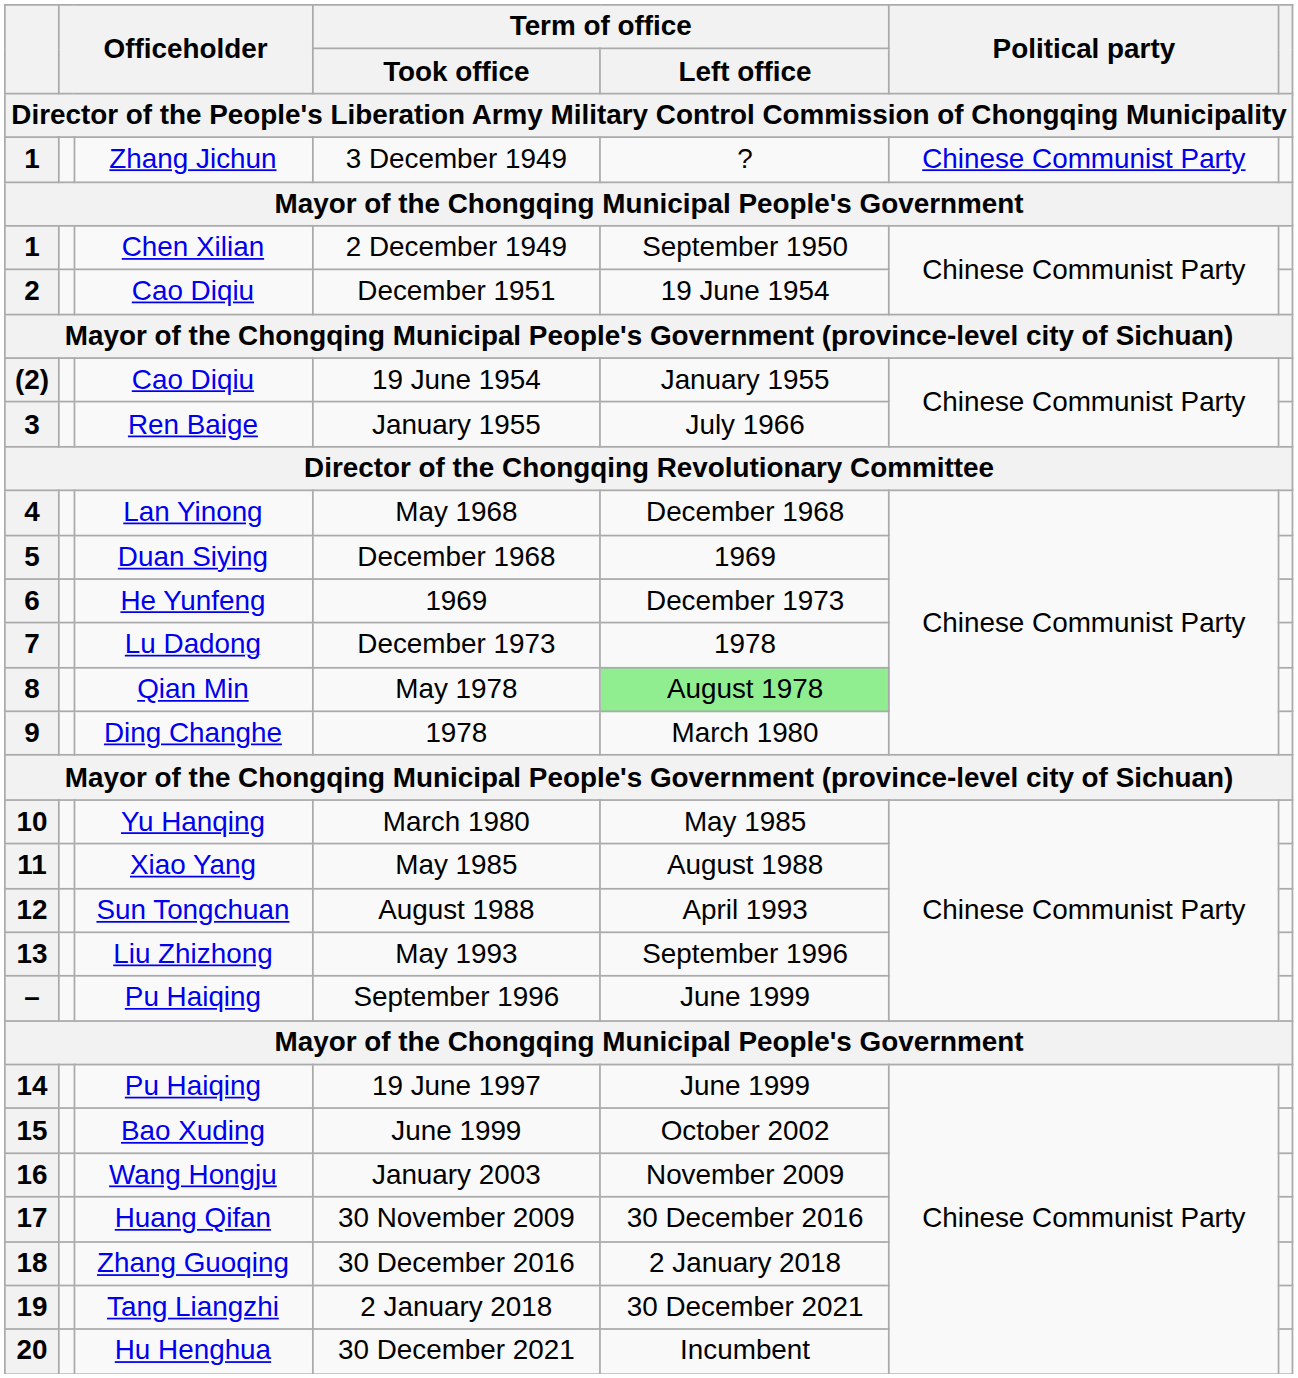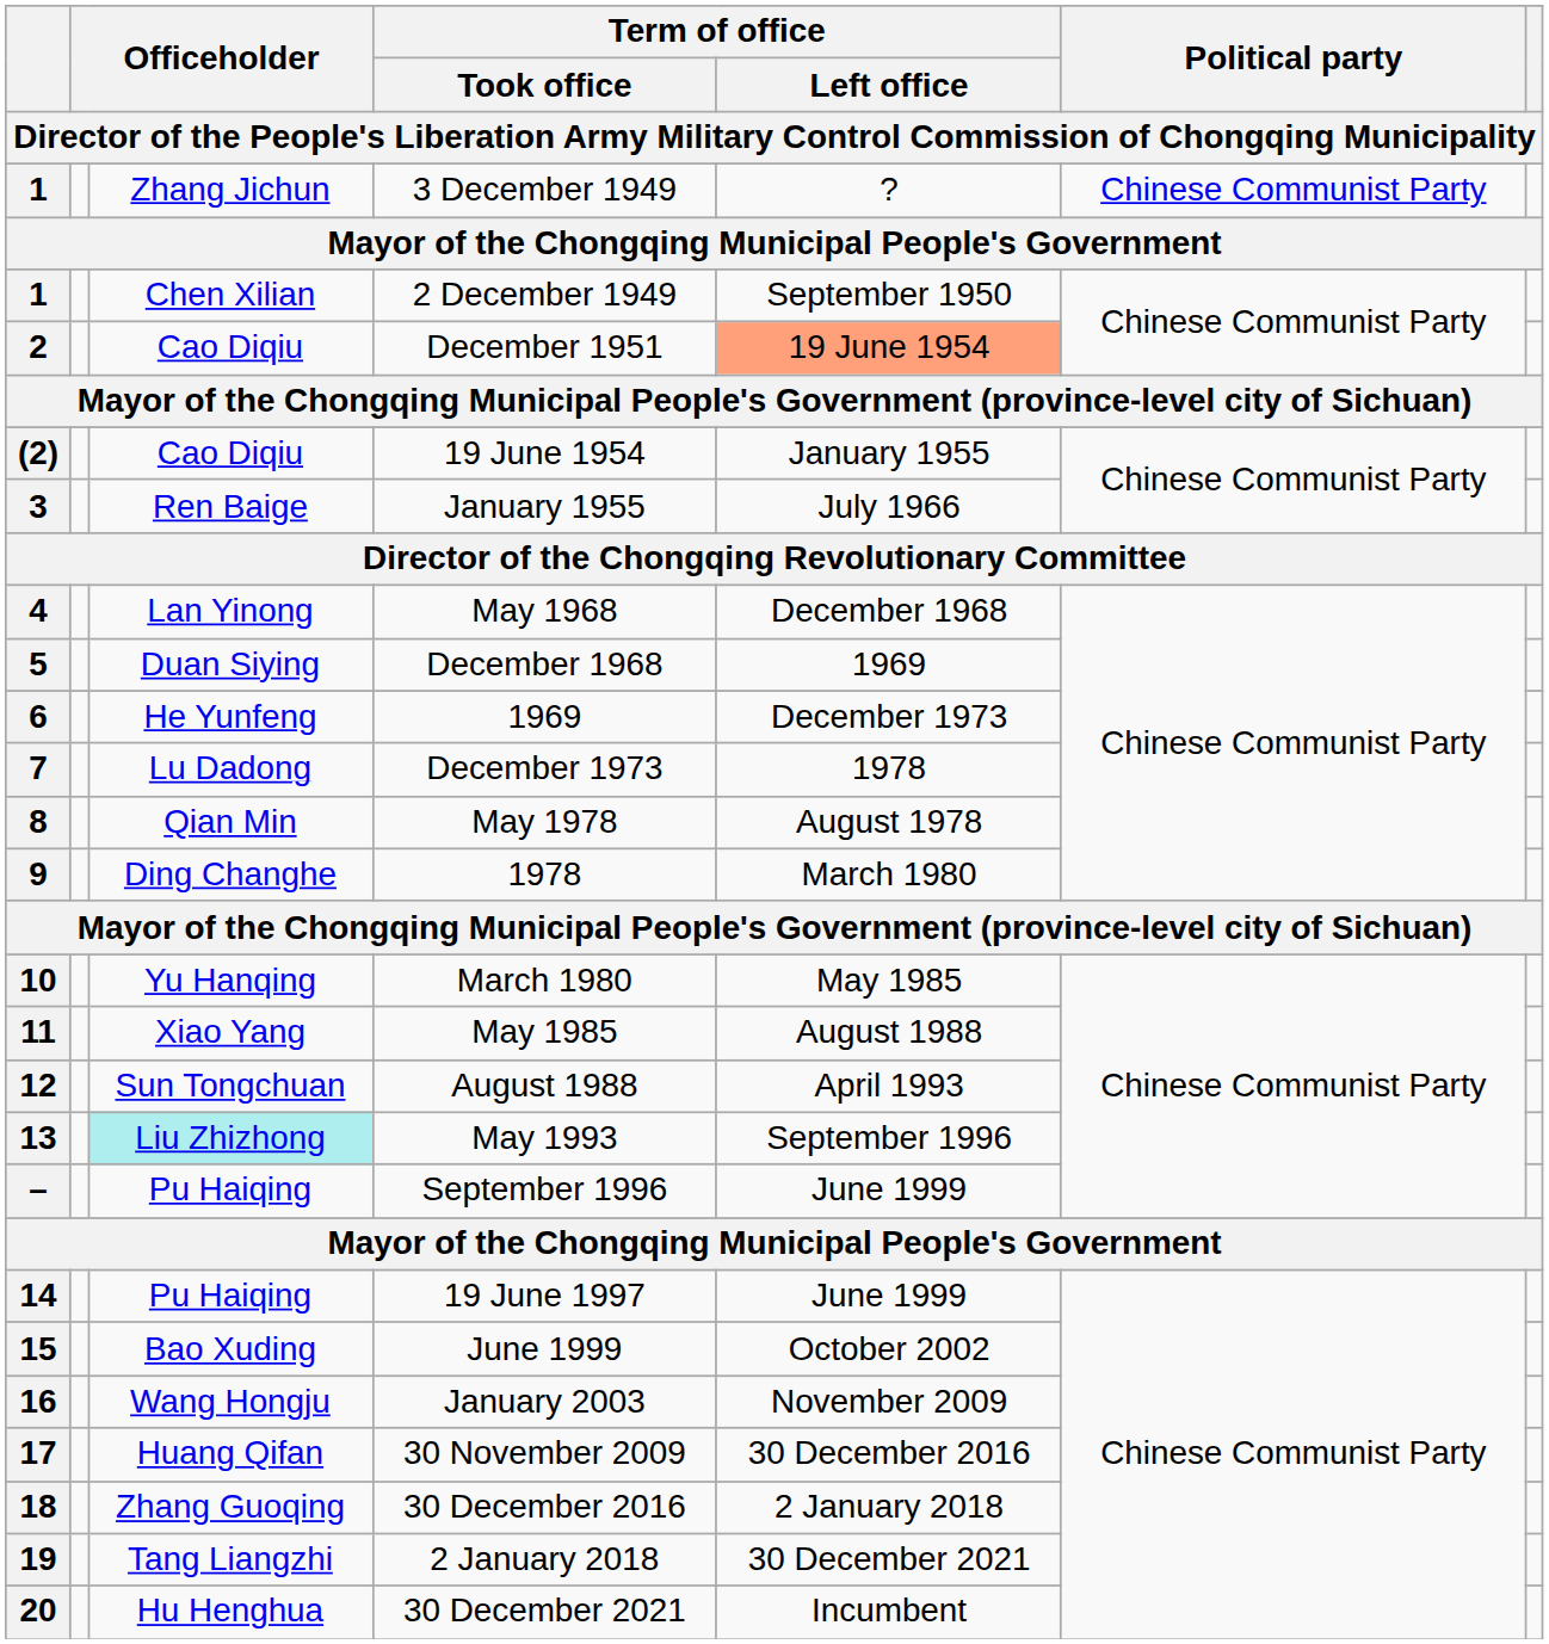 <table class="wikitable" style="text-align:center">
 <tr>
 <th rowspan="2"></th>
 <th colspan="2" rowspan="2">Officeholder</th>
 <th colspan="2">Term of office</th>
 <th rowspan="2">Political party</th>
 <th rowspan="2"></th>
 </tr>
 <tr>
 <th>Took office</th>
 <th>Left office</th>
 </tr>
 <tr>
 <th colspan="7">Director of the People's Liberation Army Military Control Commission of Chongqing Municipality</th>
 </tr>
 <tr>
 <th>1</th>
 <td></td>
 <td><a href='#'>Zhang Jichun</a><br></td>
 <td>3 December 1949</td>
 <td>?</td>
 <td><a href='#'>Chinese Communist Party</a></td>
 <td></td>
 </tr>
 <tr>
 <th colspan="7">Mayor of the Chongqing Municipal People's Government</th>
 </tr>
 <tr>
 <th>1</th>
 <td></td>
 <td><a href='#'>Chen Xilian</a><br></td>
 <td>2 December 1949</td>
 <td>September 1950</td>
 <td rowspan="2">Chinese Communist Party</td>
 <td></td>
 </tr>
 <tr>
 <th>2</th>
 <td></td>
 <td><a href='#'>Cao Diqiu</a><br></td>
 <td>December 1951</td>
-<td>19 June 1954</td>
+<td style="background: lightsalmon;">19 June 1954</td>
 <td></td>
 </tr>
 <tr>
 <th colspan="7">Mayor of the Chongqing Municipal People's Government (province-level city of Sichuan)</th>
 </tr>
 <tr>
 <th>(2)</th>
 <td></td>
 <td><a href='#'>Cao Diqiu</a><br></td>
 <td>19 June 1954</td>
 <td>January 1955</td>
 <td rowspan="2">Chinese Communist Party</td>
 <td></td>
 </tr>
 <tr>
 <th>3</th>
 <td></td>
 <td><a href='#'>Ren Baige</a><br></td>
 <td>January 1955</td>
 <td>July 1966</td>
 <td></td>
 </tr>
 <tr>
 <th colspan="7">Director of the Chongqing Revolutionary Committee</th>
 </tr>
 <tr>
 <th>4</th>
 <td></td>
 <td><a href='#'>Lan Yinong</a><br></td>
 <td>May 1968</td>
 <td>December 1968</td>
 <td rowspan="6">Chinese Communist Party</td>
 <td></td>
 </tr>
 <tr>
 <th>5</th>
 <td></td>
 <td><a href='#'>Duan Siying</a><br></td>
 <td>December 1968</td>
 <td>1969</td>
 <td></td>
 </tr>
 <tr>
 <th>6</th>
 <td></td>
 <td><a href='#'>He Yunfeng</a><br></td>
 <td>1969</td>
 <td>December 1973</td>
 <td></td>
 </tr>
 <tr>
 <th>7</th>
 <td></td>
 <td><a href='#'>Lu Dadong</a><br></td>
 <td>December 1973</td>
 <td>1978</td>
 <td></td>
 </tr>
 <tr>
 <th>8</th>
 <td></td>
 <td><a href='#'>Qian Min</a><br></td>
 <td>May 1978</td>
-<td style="background: lightgreen;">August 1978</td>
+<td>August 1978</td>
 <td></td>
 </tr>
 <tr>
 <th>9</th>
 <td></td>
 <td><a href='#'>Ding Changhe</a><br></td>
 <td>1978</td>
 <td>March 1980</td>
 <td></td>
 </tr>
 <tr>
 <th colspan="7">Mayor of the Chongqing Municipal People's Government (province-level city of Sichuan)</th>
 </tr>
 <tr>
 <th>10</th>
 <td></td>
 <td><a href='#'>Yu Hanqing</a><br></td>
 <td>March 1980</td>
 <td>May 1985</td>
 <td rowspan="5">Chinese Communist Party</td>
 <td></td>
 </tr>
 <tr>
 <th>11</th>
 <td></td>
 <td><a href='#'>Xiao Yang</a><br></td>
 <td>May 1985</td>
 <td>August 1988</td>
 <td></td>
 </tr>
 <tr>
 <th>12</th>
 <td></td>
 <td><a href='#'>Sun Tongchuan</a><br></td>
 <td>August 1988</td>
 <td>April 1993</td>
 <td></td>
 </tr>
 <tr>
 <th>13</th>
 <td></td>
-<td><a href='#'>Liu Zhizhong</a><br></td>
+<td style="background: paleturquoise;"><a href='#'>Liu Zhizhong</a><br></td>
 <td>May 1993</td>
 <td>September 1996</td>
 <td></td>
 </tr>
 <tr>
 <th>–</th>
 <td></td>
 <td><a href='#'>Pu Haiqing</a><br></td>
 <td>September 1996</td>
 <td>June 1999</td>
 <td></td>
 </tr>
 <tr>
 <th colspan="7">Mayor of the Chongqing Municipal People's Government</th>
 </tr>
 <tr>
 <th>14</th>
 <td></td>
 <td><a href='#'>Pu Haiqing</a><br></td>
 <td>19 June 1997</td>
 <td>June 1999</td>
 <td rowspan="7">Chinese Communist Party</td>
 <td></td>
 </tr>
 <tr>
 <th>15</th>
 <td></td>
 <td><a href='#'>Bao Xuding</a><br></td>
 <td>June 1999</td>
 <td>October 2002</td>
 <td></td>
 </tr>
 <tr>
 <th>16</th>
 <td></td>
 <td><a href='#'>Wang Hongju</a><br></td>
 <td>January 2003<br></td>
 <td>November 2009</td>
 <td></td>
 </tr>
 <tr>
 <th>17</th>
 <td></td>
 <td><a href='#'>Huang Qifan</a><br></td>
 <td>30 November 2009</td>
 <td>30 December 2016</td>
 <td></td>
 </tr>
 <tr>
 <th>18</th>
 <td></td>
 <td><a href='#'>Zhang Guoqing</a><br></td>
 <td>30 December 2016</td>
 <td>2 January 2018</td>
 <td></td>
 </tr>
 <tr>
 <th>19</th>
 <td></td>
 <td><a href='#'>Tang Liangzhi</a><br></td>
 <td>2 January 2018</td>
 <td>30 December 2021</td>
 <td></td>
 </tr>
 <tr>
 <th>20</th>
 <td></td>
 <td><a href='#'>Hu Henghua</a><br></td>
 <td>30 December 2021</td>
 <td>Incumbent</td>
 <td></td>
 </tr>
 </table>
